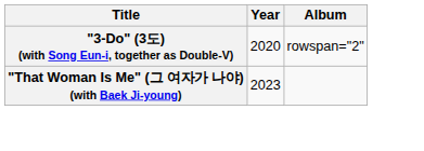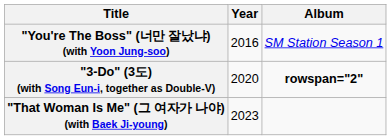 <table class="wikitable plainrowheaders" style="text-align:center">
 <tr>
 <th scope="col">Title</th>
 <th scope="col">Year</th>
 <th scope="col">Album</th>
 </tr>
 <tr>
+<th scope="row">"You're The Boss" (너만 잘났냐)<br><small>(with <a href='#'>Yoon Jung-soo</a>)</small></th>
+<td>2016</td>
+<td><em><a href='#'>SM Station Season 1</a></em></td>
+</tr>
+<tr>
 <th scope="row">"3-Do" (3도)<br><small>(with <a href='#'>Song Eun-i</a>, together as Double-V)</small></th>
 <td>2020</td>
-<td>rowspan="2" </td>
+<td><strong>rowspan="2" </strong></td>
 </tr>
 <tr>
 <th scope="row">"That Woman Is Me" (그 여자가 나야)<br><small>(with <a href='#'>Baek Ji-young</a>)</small></th>
 <td>2023</td>
 </tr>
 </table>
